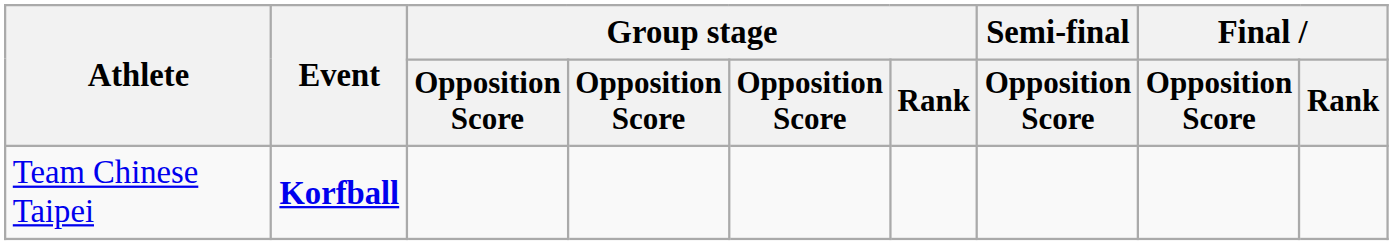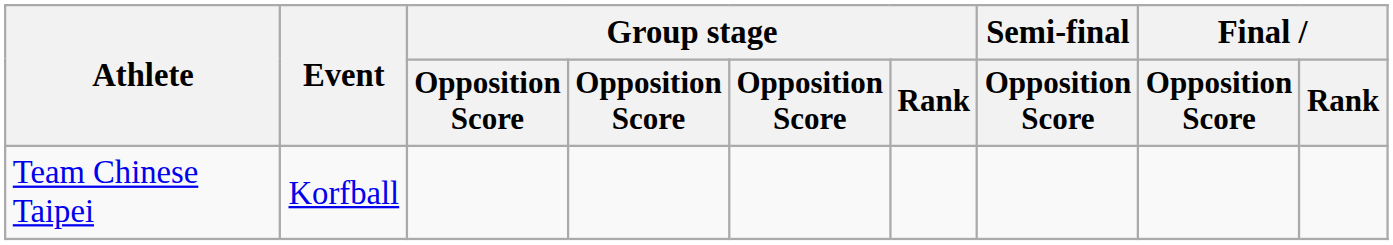 <table class="wikitable" style="font-size:90%">
 <tr>
 <th rowspan=2>Athlete</th>
 <th rowspan=2>Event</th>
 <th colspan=4>Group stage</th>
 <th>Semi-final</th>
 <th colspan=2>Final / </th>
 </tr>
 <tr style="font-size:95%">
 <th>Opposition<br>Score</th>
 <th>Opposition<br>Score</th>
 <th>Opposition<br>Score</th>
 <th>Rank</th>
 <th>Opposition<br>Score</th>
 <th>Opposition<br>Score</th>
 <th>Rank</th>
 </tr>
 <tr align=center>
 <td align=left><a href='#'>Team Chinese Taipei</a></td>
-<td align=left><strong><a href='#'>Korfball</a></strong></td>
+<td align=left><a href='#'>Korfball</a></td>
 <td></td>
 <td></td>
 <td></td>
 <td></td>
 <td></td>
 <td></td>
 <td></td>
 </tr>
 </table>
